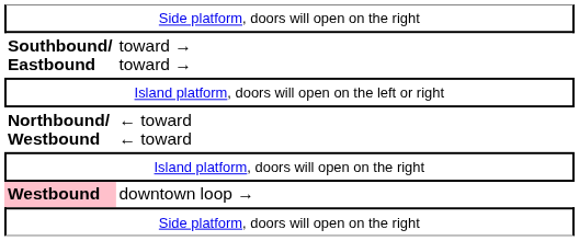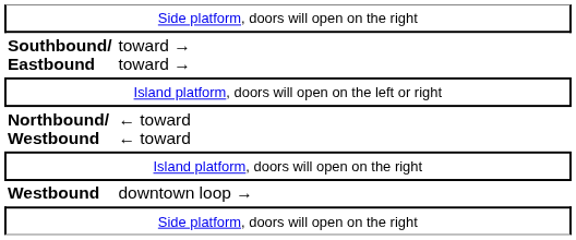 <table table border=0 cellspacing=0 cellpadding=3>
 <tr>
 <td style="border-bottom:solid 2px black;border-right:solid 2px black;border-left:solid 2px black;border-top:solid 1px gray;text-align:center;" colspan=2><small><a href='#'>Side platform</a>, doors will open on the right</small></td>
 </tr>
 <tr>
 <td style="border-bottom:solid 0px gray;"><strong>Southbound/<br>Eastbound</strong></td>
 <td style="border-bottom:solid 0px gray;"> <strong></strong> toward   →<br> <strong></strong> toward   →</td>
 </tr>
 <tr>
 <td style="border-top:solid 2px black;border-right:solid 2px black;border-left:solid 2px black;border-bottom:solid 2px black;text-align:center;" colspan=2><small><a href='#'>Island platform</a>, doors will open on the left or right</small></td>
 </tr>
 <tr>
 <td style="border-bottom:solid 0px gray;"><strong>Northbound/<br>Westbound</strong></td>
 <td style="border-bottom:solid 0px gray;" width=425>← <strong></strong> toward  <br>← <strong></strong> toward  </td>
 </tr>
 <tr>
 <td style="border-top:solid 2px black;border-right:solid 2px black;border-left:solid 2px black;border-bottom:solid 2px black;text-align:center;" colspan=2><small><a href='#'>Island platform</a>, doors will open on the right</small></td>
 </tr>
 <tr>
-<td style="background: pink; border-bottom:solid 0px gray;"><strong>Westbound</strong></td>
+<td style="border-bottom:solid 0px gray;"><strong>Westbound</strong></td>
 <td style="border-bottom:solid 0px gray;"> <strong></strong> downtown loop  →</td>
 </tr>
 <tr>
 <td style="border-top:solid 2px black;border-right:solid 2px black;border-left:solid 2px black;border-bottom:solid 1px gray;text-align:center;" colspan=2><small><a href='#'>Side platform</a>, doors will open on the right</small></td>
 </tr>
 </table>
